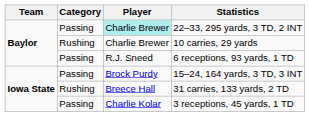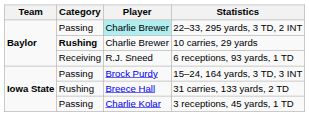 <table class="wikitable" style="float: right;">
 <tr>
 <th>Team</th>
 <th>Category</th>
 <th>Player</th>
 <th>Statistics</th>
 </tr>
 <tr>
 <td rowspan=3><strong>Baylor</strong></td>
 <td>Passing</td>
 <td style="background: paleturquoise;">Charlie Brewer</td>
 <td>22–33, 295 yards, 3 TD, 2 INT</td>
 </tr>
 <tr>
-<td>Rushing</td>
+<td><strong>Rushing</strong></td>
 <td>Charlie Brewer</td>
 <td>10 carries, 29 yards</td>
 </tr>
 <tr>
-<td>Passing</td>
+<td>Receiving</td>
 <td>R.J. Sneed</td>
 <td>6 receptions, 93 yards, 1 TD</td>
 </tr>
 <tr>
 <td rowspan=3><strong>Iowa State</strong></td>
 <td>Passing</td>
 <td><a href='#'>Brock Purdy</a></td>
 <td>15–24, 164 yards, 3 TD, 3 INT</td>
 </tr>
 <tr>
 <td>Rushing</td>
 <td><a href='#'>Breece Hall</a></td>
 <td>31 carries, 133 yards, 2 TD</td>
 </tr>
 <tr>
 <td>Passing</td>
 <td><a href='#'>Charlie Kolar</a></td>
 <td>3 receptions, 45 yards, 1 TD</td>
 </tr>
 </table>
